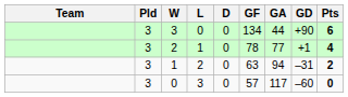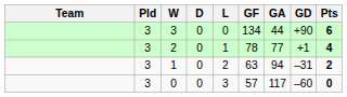 <table class="wikitable" style="text-align: center;">
 <tr>
 <th width="180">Team</th>
 <th width="30">Pld</th>
 <th width="30">W</th>
+<th width="30">D</th>
 <th width="30">L</th>
-<th width="30">D</th>
 <th width="30">GF</th>
 <th width="30">GA</th>
 <th width="30">GD</th>
 <th width="30">Pts</th>
 </tr>
 <tr bgcolor=#CCFFCC>
 <td align="left"></td>
 <td>3</td>
 <td>3</td>
 <td>0</td>
 <td>0</td>
 <td>134</td>
 <td>44</td>
 <td>+90</td>
 <td><strong>6</strong></td>
 </tr>
 <tr bgcolor=#CCFFCC>
 <td align="left"></td>
 <td>3</td>
 <td>2</td>
+<td>0</td>
 <td>1</td>
-<td>0</td>
 <td>78</td>
 <td>77</td>
 <td>+1</td>
 <td><strong>4</strong></td>
 </tr>
 <tr>
 <td align="left"></td>
 <td>3</td>
 <td>1</td>
+<td>0</td>
 <td>2</td>
-<td>0</td>
 <td>63</td>
 <td>94</td>
 <td>–31</td>
 <td><strong>2</strong></td>
 </tr>
 <tr>
 <td align="left"></td>
 <td>3</td>
 <td>0</td>
+<td>0</td>
 <td>3</td>
-<td>0</td>
 <td>57</td>
 <td>117</td>
 <td>–60</td>
 <td><strong>0</strong></td>
 </tr>
 </table>
